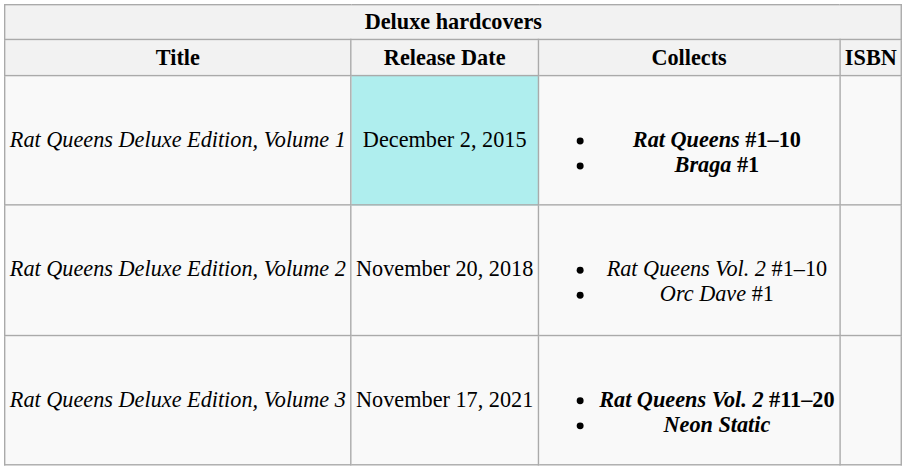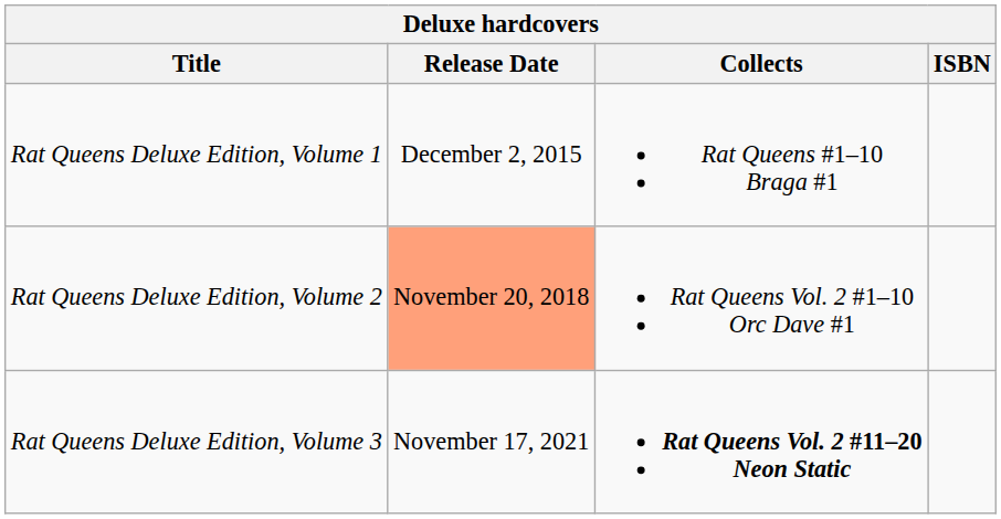 <table class="wikitable" style="text-align: center">
 <tr>
 <th colspan=4>Deluxe hardcovers</th>
 </tr>
 <tr>
 <th>Title</th>
 <th>Release Date</th>
 <th>Collects</th>
 <th>ISBN</th>
 </tr>
 <tr>
 <td><em>Rat Queens Deluxe Edition, Volume 1</em></td>
-<td style="background: paleturquoise;">December 2, 2015</td>
-<td><strong><br><ul><li><em>Rat Queens</em> #1–10</li><li><em>Braga</em> #1</li></ul></strong></td>
+<td>December 2, 2015</td>
+<td><br><ul><li><em>Rat Queens</em> #1–10</li><li><em>Braga</em> #1</li></ul></td>
 <td></td>
 </tr>
 <tr>
 <td><em>Rat Queens Deluxe Edition, Volume 2</em></td>
-<td>November 20, 2018</td>
+<td style="background: lightsalmon;">November 20, 2018</td>
 <td><br><ul><li><em>Rat Queens Vol. 2</em> #1–10</li><li><em>Orc Dave</em> #1</li></ul></td>
 <td></td>
 </tr>
 <tr>
 <td><em>Rat Queens Deluxe Edition, Volume 3</em></td>
 <td>November 17, 2021</td>
 <td><strong><br><ul><li><em>Rat Queens Vol. 2</em> #11–20</li><li><em>Neon Static</em></li></ul></strong></td>
 <td></td>
 </tr>
 </table>
